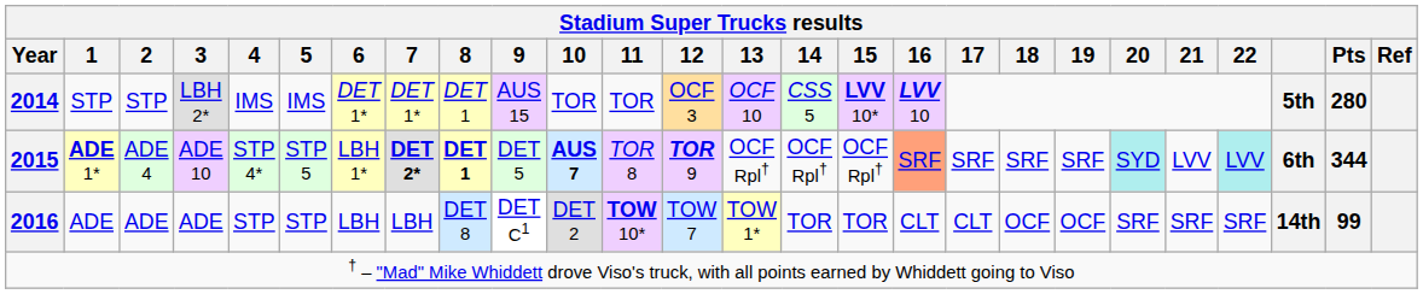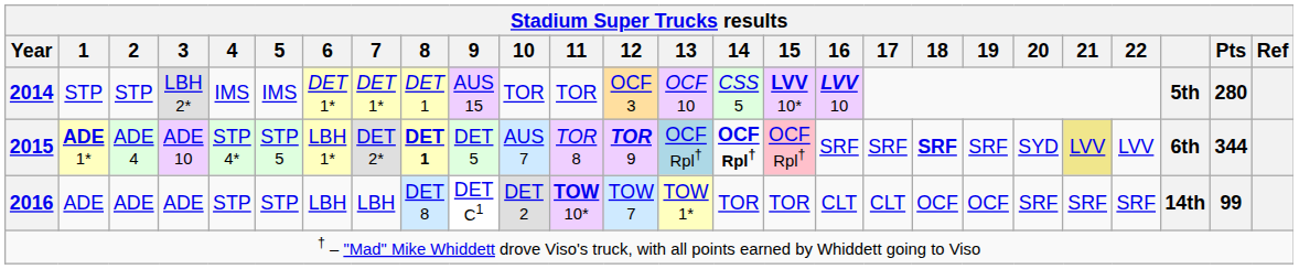 <table class="wikitable" style="text-align:center; font-size:85%">
 <tr>
 <th colspan=45><a href='#'>Stadium Super Trucks</a> results</th>
 </tr>
 <tr>
 <th>Year</th>
 <th>1</th>
 <th>2</th>
 <th>3</th>
 <th>4</th>
 <th>5</th>
 <th>6</th>
 <th>7</th>
 <th>8</th>
 <th>9</th>
 <th>10</th>
 <th>11</th>
 <th>12</th>
 <th>13</th>
 <th>14</th>
 <th>15</th>
 <th>16</th>
 <th>17</th>
 <th>18</th>
 <th>19</th>
 <th>20</th>
 <th>21</th>
 <th>22</th>
 <th></th>
 <th>Pts</th>
 <th>Ref</th>
 </tr>
 <tr>
 <th><a href='#'>2014</a></th>
 <td><a href='#'>STP</a></td>
 <td><a href='#'>STP</a></td>
 <td style="background:#DFDFDF;"><a href='#'>LBH</a><br><small>2*</small></td>
 <td><a href='#'>IMS</a></td>
 <td><a href='#'>IMS</a></td>
 <td style="background:#FFFFBF;"><em><a href='#'>DET</a></em><br><small>1*</small></td>
 <td style="background:#FFFFBF;"><em><a href='#'>DET</a></em><br><small>1*</small></td>
 <td style="background:#FFFFBF;"><em><a href='#'>DET</a></em><br><small>1</small></td>
 <td style="background:#EFCFFF;"><a href='#'>AUS</a><br><small>15</small></td>
 <td><a href='#'>TOR</a></td>
 <td><a href='#'>TOR</a></td>
 <td style="background:#FFDF9F;"><a href='#'>OCF</a><br><small>3</small></td>
 <td style="background:#EFCFFF;"><em><a href='#'>OCF</a></em><br><small>10</small></td>
 <td style="background:#DFFFDF;"><em><a href='#'>CSS</a></em><br><small>5</small></td>
 <td style="background:#EFCFFF;"><strong><a href='#'>LVV</a></strong><br><small>10*</small></td>
 <td style="background:#EFCFFF;"><strong><em><a href='#'>LVV</a></em></strong><br><small>10</small></td>
 <td colspan=6></td>
 <th>5th</th>
 <th>280</th>
 <th></th>
 </tr>
 <tr>
 <th><a href='#'>2015</a></th>
 <td style="background:#FFFFBF;"><strong><a href='#'>ADE</a></strong><br><small>1*</small></td>
 <td style="background:#DFFFDF;"><a href='#'>ADE</a><br><small>4</small></td>
 <td style="background:#EFCFFF;"><a href='#'>ADE</a><br><small>10</small></td>
 <td style="background:#DFFFDF;"><a href='#'>STP</a><br><small>4*</small></td>
 <td style="background:#DFFFDF;"><a href='#'>STP</a><br><small>5</small></td>
 <td style="background:#FFFFBF;"><a href='#'>LBH</a><br><small>1*</small></td>
-<td style="background:#DFDFDF;"><strong><a href='#'>DET</a><br><small>2*</small></strong></td>
+<td style="background:#DFDFDF;"><a href='#'>DET</a><br><small>2*</small></td>
 <td style="background:#FFFFBF;"><strong><a href='#'>DET</a><br><small>1</small></strong></td>
 <td style="background:#DFFFDF;"><a href='#'>DET</a><br><small>5</small></td>
-<td style="background:#CFEAFF;"><strong><a href='#'>AUS</a><br><small>7</small></strong></td>
+<td style="background:#CFEAFF;"><a href='#'>AUS</a><br><small>7</small></td>
 <td style="background:#EFCFFF;"><em><a href='#'>TOR</a></em><br><small>8</small></td>
 <td style="background:#EFCFFF;"><strong><em><a href='#'>TOR</a></em></strong><br><small>9</small></td>
-<td><a href='#'>OCF</a><br><small>Rpl<sup>†</sup></small></td>
-<td><a href='#'>OCF</a><br><small>Rpl<sup>†</sup></small></td>
-<td><a href='#'>OCF</a><br><small>Rpl<sup>†</sup></small></td>
-<td style="background: lightsalmon;"><a href='#'>SRF</a></td>
+<td style="background: lightblue;"><a href='#'>OCF</a><br><small>Rpl<sup>†</sup></small></td>
+<td><strong><a href='#'>OCF</a><br><small>Rpl<sup>†</sup></small></strong></td>
+<td style="background: pink;"><a href='#'>OCF</a><br><small>Rpl<sup>†</sup></small></td>
 <td><a href='#'>SRF</a></td>
 <td><a href='#'>SRF</a></td>
+<td><strong><a href='#'>SRF</a></strong></td>
 <td><a href='#'>SRF</a></td>
-<td style="background: paleturquoise;"><a href='#'>SYD</a></td>
+<td><a href='#'>SYD</a></td>
+<td style="background: khaki;"><a href='#'>LVV</a></td>
 <td><a href='#'>LVV</a></td>
-<td style="background: paleturquoise;"><a href='#'>LVV</a></td>
 <th>6th</th>
 <th>344</th>
 <th></th>
 </tr>
 <tr>
 <th><a href='#'>2016</a></th>
 <td><a href='#'>ADE</a></td>
 <td><a href='#'>ADE</a></td>
 <td><a href='#'>ADE</a></td>
 <td><a href='#'>STP</a></td>
 <td><a href='#'>STP</a></td>
 <td><a href='#'>LBH</a></td>
 <td><a href='#'>LBH</a></td>
 <td style="background:#CFEAFF;"><a href='#'>DET</a><br><small>8</small></td>
 <td style="background:#FFFFFF;"><a href='#'>DET</a><br><small>C<sup>1</sup></small></td>
 <td style="background:#DFDFDF;"><a href='#'>DET</a><br><small>2</small></td>
 <td style="background:#EFCFFF;"><strong><a href='#'>TOW</a></strong><br><small>10*</small></td>
 <td style="background:#CFEAFF;"><a href='#'>TOW</a><br><small>7</small></td>
 <td style="background:#FFFFBF;"><a href='#'>TOW</a><br><small>1*</small></td>
 <td><a href='#'>TOR</a></td>
 <td><a href='#'>TOR</a></td>
 <td><a href='#'>CLT</a></td>
 <td><a href='#'>CLT</a></td>
 <td><a href='#'>OCF</a></td>
 <td><a href='#'>OCF</a></td>
 <td><a href='#'>SRF</a></td>
 <td><a href='#'>SRF</a></td>
 <td><a href='#'>SRF</a></td>
 <th>14th</th>
 <th>99</th>
 <th></th>
 </tr>
 <tr>
 <td colspan=45><small><sup>†</sup> – <a href='#'>"Mad" Mike Whiddett</a> drove Viso's truck, with all points earned by Whiddett going to Viso</small></td>
 </tr>
 </table>
